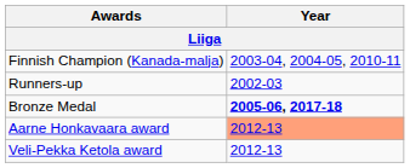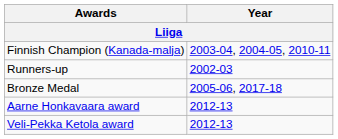 <table class="wikitable">
 <tr>
 <th>Awards</th>
 <th colspan="2">Year</th>
 </tr>
 <tr ALIGN="center" bgcolor="#e0e0e0">
 <th colspan="3"><a href='#'>Liiga</a></th>
 </tr>
 <tr>
 <td>Finnish Champion (<a href='#'>Kanada-malja</a>)</td>
 <td><a href='#'>2003-04</a>, <a href='#'>2004-05</a>, <a href='#'>2010-11</a></td>
 </tr>
 <tr>
 <td>Runners-up</td>
 <td><a href='#'>2002-03</a></td>
 </tr>
 <tr>
 <td>Bronze Medal</td>
-<td><strong><a href='#'>2005-06</a>, <a href='#'>2017-18</a></strong></td>
+<td><a href='#'>2005-06</a>, <a href='#'>2017-18</a></td>
 </tr>
 <tr>
 <td><a href='#'>Aarne Honkavaara award</a></td>
-<td style="background: lightsalmon;"><a href='#'>2012-13</a></td>
+<td><a href='#'>2012-13</a></td>
 </tr>
 <tr>
 <td><a href='#'>Veli-Pekka Ketola award</a></td>
 <td><a href='#'>2012-13</a></td>
 </tr>
 </table>
